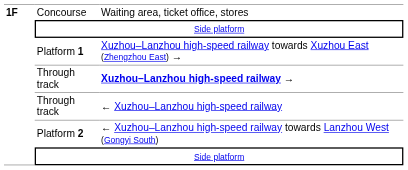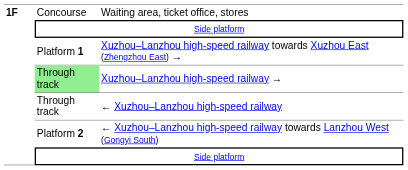 <table table border=0 cellspacing=0 cellpadding=3>
 <tr>
 <td style="border-top:solid 1px gray;border-bottom:solid 1px gray;" width=50 rowspan=7 valign=top><strong>1F</strong></td>
 <td style="border-top:solid 1px gray;" width=100>Concourse</td>
 <td style="border-top:solid 1px gray;" width=600>Waiting area, ticket office, stores</td>
 </tr>
 <tr>
 <td style="border-top:solid 2px black;border-right:solid 2px black;border-left:solid 2px black;border-bottom:solid 2px black;text-align:center;" colspan=2><small><a href='#'>Side platform</a></small></td>
 </tr>
 <tr>
 <td style="border-bottom:solid 1px gray;" width=100>Platform <strong>1</strong></td>
 <td style="border-bottom:solid 1px gray;" width=600> <a href='#'>Xuzhou–Lanzhou high-speed railway</a> towards <a href='#'>Xuzhou East</a><small> (<a href='#'>Zhengzhou East</a>)</small> →</td>
 </tr>
 <tr>
-<td style="border-bottom:solid 1px gray;">Through track</td>
-<td style="border-bottom:solid 1px gray;"><strong> <a href='#'>Xuzhou–Lanzhou high-speed railway</a> →</strong></td>
+<td style="background: lightgreen; border-bottom:solid 1px gray;">Through track</td>
+<td style="border-bottom:solid 1px gray;"> <a href='#'>Xuzhou–Lanzhou high-speed railway</a> →</td>
 </tr>
 <tr>
 <td style="border-bottom:solid 1px gray;">Through track</td>
 <td style="border-bottom:solid 1px gray;">← <a href='#'>Xuzhou–Lanzhou high-speed railway</a></td>
 </tr>
 <tr>
 <td>Platform <strong>2</strong></td>
 <td>← <a href='#'>Xuzhou–Lanzhou high-speed railway</a> towards <a href='#'>Lanzhou West</a><small> (<a href='#'>Gongyi South</a>)</small></td>
 </tr>
 <tr>
 <td style="border-top:solid 2px black;border-right:solid 2px black;border-left:solid 2px black;border-bottom:solid 2px black;text-align:center;" colspan=2><small><a href='#'>Side platform</a></small></td>
 </tr>
 </table>
